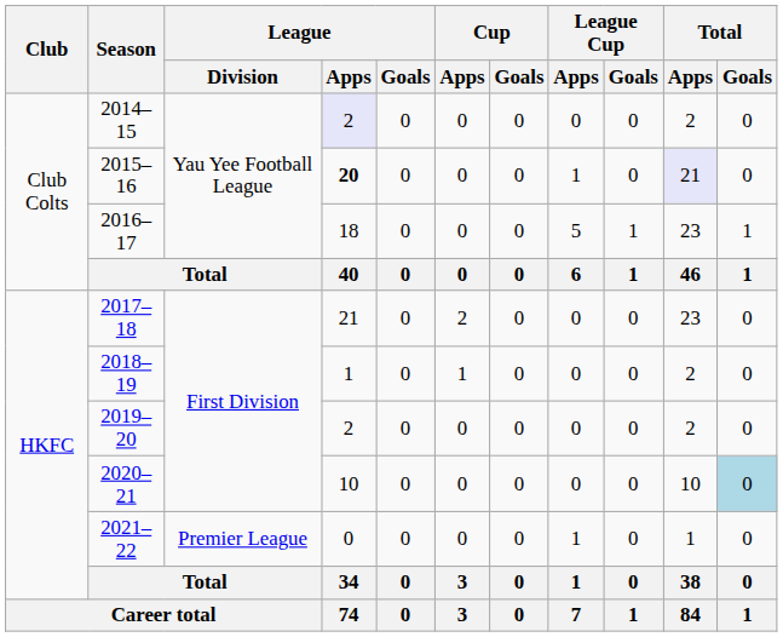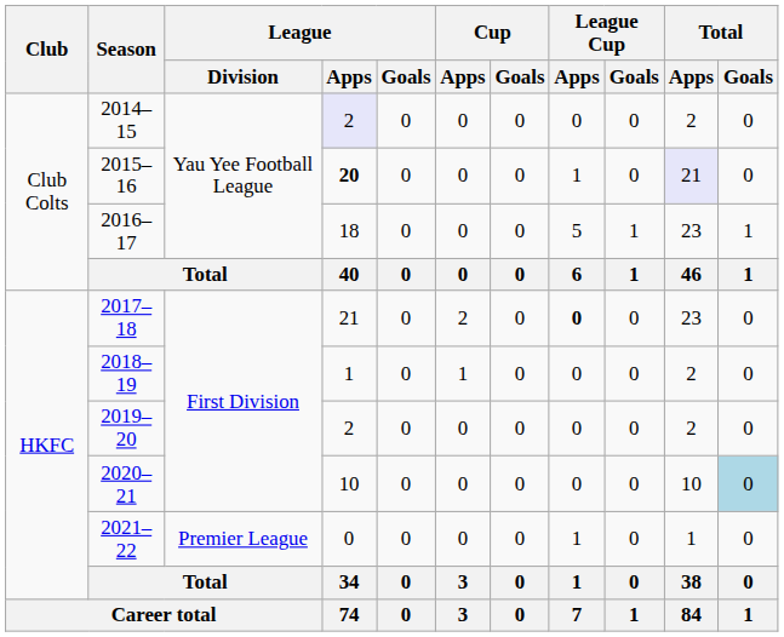 <table class="wikitable" style="text-align: center">
 <tr>
 <th rowspan="2">Club</th>
 <th rowspan="2">Season</th>
 <th colspan="3">League</th>
 <th colspan="2">Cup</th>
 <th colspan="2">League Cup</th>
 <th colspan="2">Total</th>
 </tr>
 <tr>
 <th>Division</th>
 <th>Apps</th>
 <th>Goals</th>
 <th>Apps</th>
 <th>Goals</th>
 <th>Apps</th>
 <th>Goals</th>
 <th>Apps</th>
 <th>Goals</th>
 </tr>
 <tr>
 <td rowspan="4">Club Colts</td>
 <td>2014–15</td>
 <td rowspan="3">Yau Yee Football League</td>
 <td style="background: lavender;">2</td>
 <td>0</td>
 <td>0</td>
 <td>0</td>
 <td>0</td>
 <td>0</td>
 <td>2</td>
 <td>0</td>
 </tr>
 <tr>
 <td>2015–16</td>
 <td><strong>20</strong></td>
 <td>0</td>
 <td>0</td>
 <td>0</td>
 <td>1</td>
 <td>0</td>
 <td style="background: lavender;">21</td>
 <td>0</td>
 </tr>
 <tr>
 <td>2016–17</td>
 <td>18</td>
 <td>0</td>
 <td>0</td>
 <td>0</td>
 <td>5</td>
 <td>1</td>
 <td>23</td>
 <td>1</td>
 </tr>
 <tr>
 <th colspan="2">Total</th>
 <th>40</th>
 <th>0</th>
 <th>0</th>
 <th>0</th>
 <th>6</th>
 <th>1</th>
 <th>46</th>
 <th>1</th>
 </tr>
 <tr>
 <td rowspan="6"><a href='#'>HKFC</a></td>
 <td><a href='#'>2017–18</a></td>
 <td rowspan="4"><a href='#'>First Division</a></td>
 <td>21</td>
 <td>0</td>
 <td>2</td>
 <td>0</td>
-<td>0</td>
+<td><strong>0</strong></td>
 <td>0</td>
 <td>23</td>
 <td>0</td>
 </tr>
 <tr>
 <td><a href='#'>2018–19</a></td>
 <td>1</td>
 <td>0</td>
 <td>1</td>
 <td>0</td>
 <td>0</td>
 <td>0</td>
 <td>2</td>
 <td>0</td>
 </tr>
 <tr>
 <td><a href='#'>2019–20</a></td>
 <td>2</td>
 <td>0</td>
 <td>0</td>
 <td>0</td>
 <td>0</td>
 <td>0</td>
 <td>2</td>
 <td>0</td>
 </tr>
 <tr>
 <td><a href='#'>2020–21</a></td>
 <td>10</td>
 <td>0</td>
 <td>0</td>
 <td>0</td>
 <td>0</td>
 <td>0</td>
 <td>10</td>
 <td style="background: lightblue;">0</td>
 </tr>
 <tr>
 <td><a href='#'>2021–22</a></td>
 <td><a href='#'>Premier League</a></td>
 <td>0</td>
 <td>0</td>
 <td>0</td>
 <td>0</td>
 <td>1</td>
 <td>0</td>
 <td>1</td>
 <td>0</td>
 </tr>
 <tr>
 <th colspan="2">Total</th>
 <th>34</th>
 <th>0</th>
 <th>3</th>
 <th>0</th>
 <th>1</th>
 <th>0</th>
 <th>38</th>
 <th>0</th>
 </tr>
 <tr>
 <th colspan="3">Career total</th>
 <th>74</th>
 <th>0</th>
 <th>3</th>
 <th>0</th>
 <th>7</th>
 <th>1</th>
 <th>84</th>
 <th>1</th>
 </tr>
 </table>
